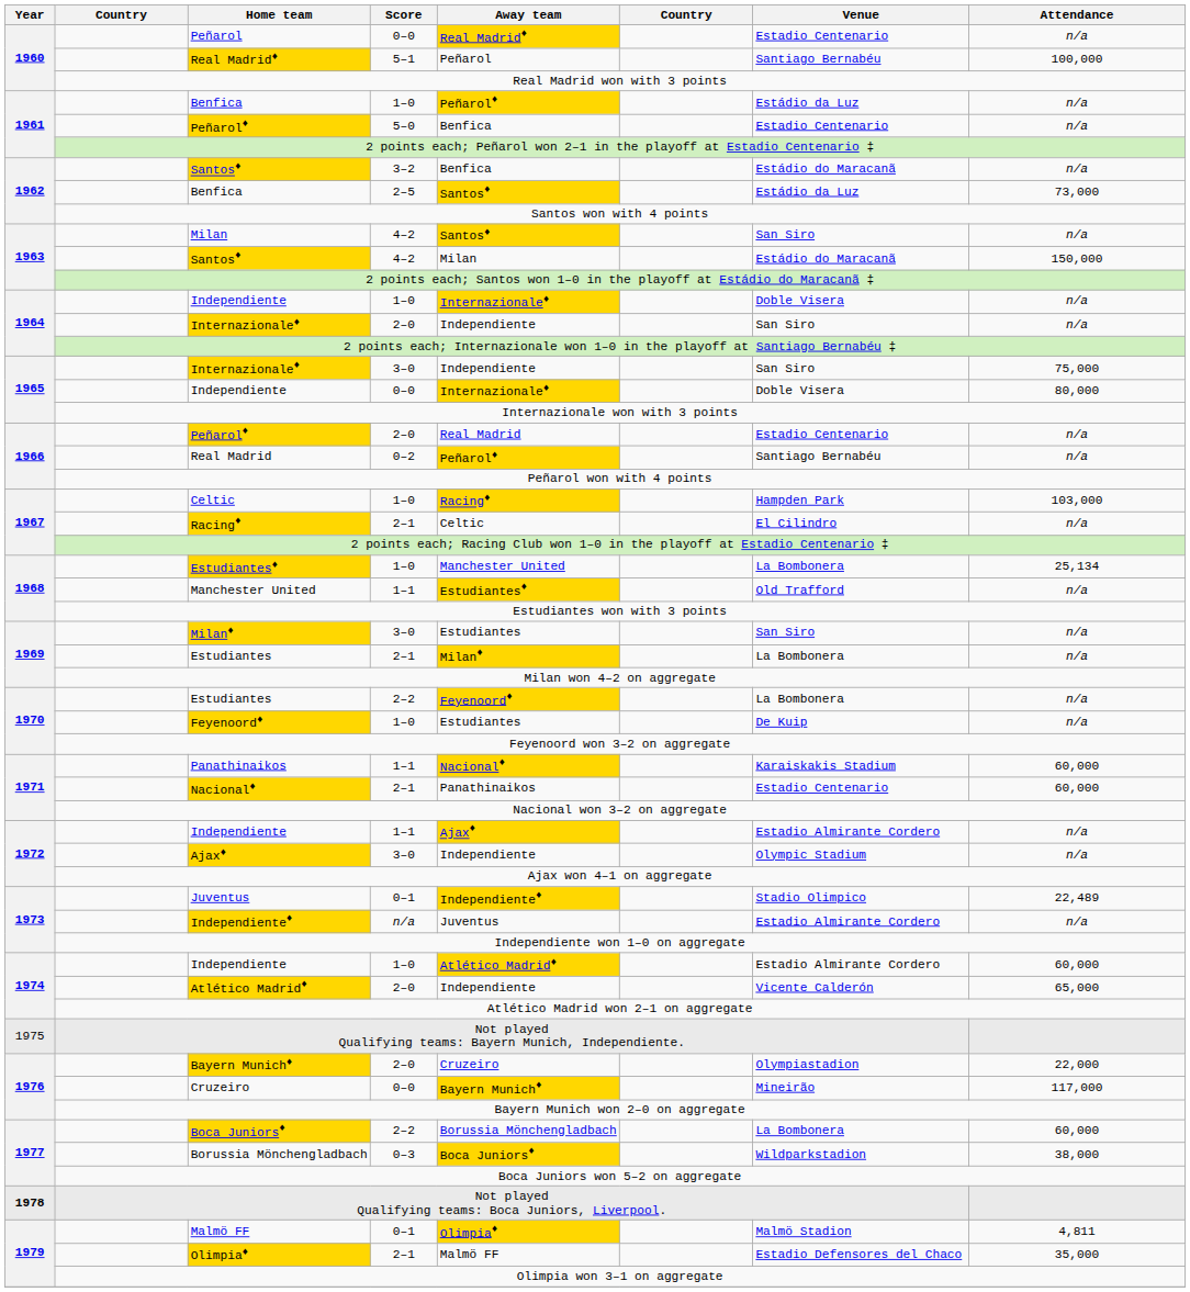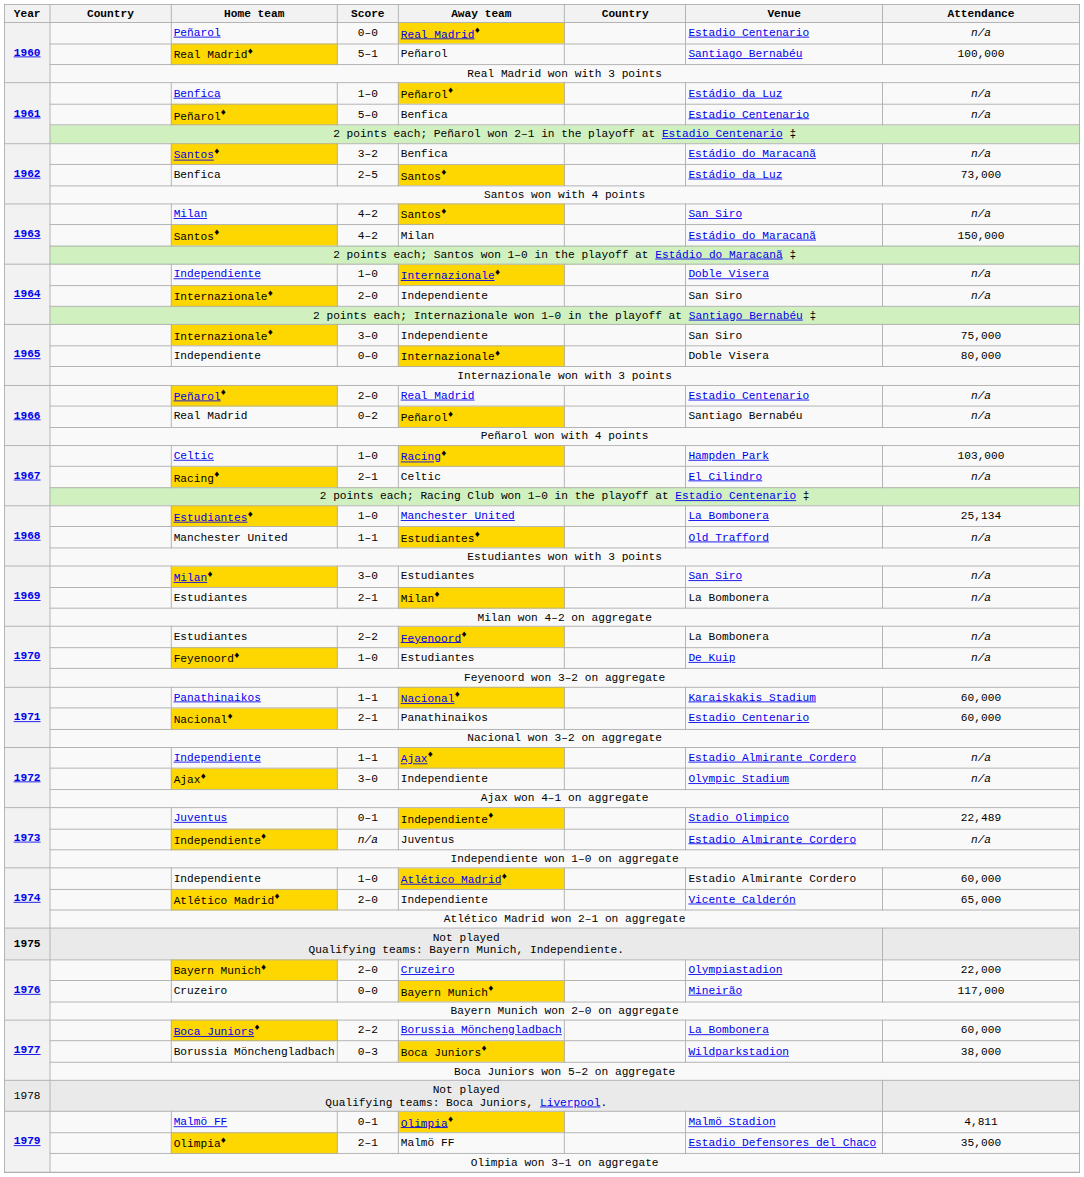 <table class="wikitable plainrowheaders">
 <tr>
 <th scope=col width=3%>Year</th>
 <th scope=col width=8%>Country</th>
 <th scope=col width=11%>Home team</th>
 <th scope=col width=4%>Score</th>
 <th scope=col width=11%>Away team</th>
 <th scope=col width=8%>Country</th>
 <th scope=col width=13%>Venue</th>
 <th scope=col width=13%>Attendance</th>
 </tr>
 <tr>
 <th scope=rowgroup rowspan=3 align=center><a href='#'>1960</a></th>
 <td></td>
 <td><a href='#'>Peñarol</a></td>
 <td align=center>0–0</td>
 <td bgcolor=FFD700><a href='#'>Real Madrid</a><sup>♦</sup></td>
 <td></td>
 <td><a href='#'>Estadio Centenario</a></td>
 <td align=center><em>n/a</em></td>
 </tr>
 <tr>
 <td></td>
 <td bgcolor=FFD700>Real Madrid<sup>♦</sup></td>
 <td align=center>5–1</td>
 <td>Peñarol</td>
 <td></td>
 <td><a href='#'>Santiago Bernabéu</a></td>
 <td align=center>100,000</td>
 </tr>
 <tr>
 <td colspan=7 align=center>Real Madrid won with 3 points</td>
 </tr>
 <tr>
 <th scope=rowgroup rowspan=3 align=center><a href='#'>1961</a></th>
 <td></td>
 <td><a href='#'>Benfica</a></td>
 <td align=center>1–0</td>
 <td bgcolor=FFD700>Peñarol<sup>♦</sup></td>
 <td></td>
 <td><a href='#'>Estádio da Luz</a></td>
 <td align=center><em>n/a</em></td>
 </tr>
 <tr>
 <td></td>
 <td bgcolor=FFD700>Peñarol<sup>♦</sup></td>
 <td align=center>5–0</td>
 <td>Benfica</td>
 <td></td>
 <td><a href='#'>Estadio Centenario</a></td>
 <td align=center><em>n/a</em></td>
 </tr>
 <tr>
 <td colspan=7 bgcolor=D0F0C0 align=center>2 points each; Peñarol won 2–1 in the playoff at <a href='#'>Estadio Centenario</a> ‡</td>
 </tr>
 <tr>
 <th scope=rowgroup rowspan=3 align=center><a href='#'>1962</a></th>
 <td></td>
 <td bgcolor=FFD700><a href='#'>Santos</a><sup>♦</sup></td>
 <td align=center>3–2</td>
 <td>Benfica</td>
 <td></td>
 <td><a href='#'>Estádio do Maracanã</a></td>
 <td align=center><em>n/a</em></td>
 </tr>
 <tr>
 <td></td>
 <td>Benfica</td>
 <td align=center>2–5</td>
 <td bgcolor=FFD700>Santos<sup>♦</sup></td>
 <td></td>
 <td><a href='#'>Estádio da Luz</a></td>
 <td align=center>73,000</td>
 </tr>
 <tr>
 <td colspan=7 align=center>Santos won with 4 points</td>
 </tr>
 <tr>
 <th scope=rowgroup rowspan=3 align=center><a href='#'>1963</a></th>
 <td></td>
 <td><a href='#'>Milan</a></td>
 <td align=center>4–2</td>
 <td bgcolor=FFD700>Santos<sup>♦</sup></td>
 <td></td>
 <td><a href='#'>San Siro</a></td>
 <td align=center><em>n/a</em></td>
 </tr>
 <tr>
 <td></td>
 <td bgcolor=FFD700>Santos<sup>♦</sup></td>
 <td align=center>4–2</td>
 <td>Milan</td>
 <td></td>
 <td><a href='#'>Estádio do Maracanã</a></td>
 <td align=center>150,000</td>
 </tr>
 <tr>
 <td colspan=7 bgcolor=D0F0C0 align=center>2 points each; Santos won 1–0 in the playoff at <a href='#'>Estádio do Maracanã</a> ‡</td>
 </tr>
 <tr>
 <th scope=rowgroup rowspan=3 align=center><a href='#'>1964</a></th>
 <td></td>
 <td><a href='#'>Independiente</a></td>
 <td align=center>1–0</td>
 <td bgcolor=FFD700><a href='#'>Internazionale</a><sup>♦</sup></td>
 <td></td>
 <td><a href='#'>Doble Visera</a></td>
 <td align=center><em>n/a</em></td>
 </tr>
 <tr>
 <td></td>
 <td bgcolor=FFD700>Internazionale<sup>♦</sup></td>
 <td align=center>2–0</td>
 <td>Independiente</td>
 <td></td>
 <td>San Siro</td>
 <td align=center><em>n/a</em></td>
 </tr>
 <tr>
 <td colspan=7 bgcolor=D0F0C0 align=center>2 points each; Internazionale won 1–0 in the playoff at <a href='#'>Santiago Bernabéu</a> ‡</td>
 </tr>
 <tr>
 <th scope=rowgroup rowspan=3 align=center><a href='#'>1965</a></th>
 <td></td>
 <td bgcolor=FFD700>Internazionale<sup>♦</sup></td>
 <td align=center>3–0</td>
 <td>Independiente</td>
 <td></td>
 <td>San Siro</td>
 <td align=center>75,000</td>
 </tr>
 <tr>
 <td></td>
 <td>Independiente</td>
 <td align=center>0–0</td>
 <td bgcolor=FFD700>Internazionale<sup>♦</sup></td>
 <td></td>
 <td>Doble Visera</td>
 <td align=center>80,000</td>
 </tr>
 <tr>
 <td colspan=7 align=center>Internazionale won with 3 points</td>
 </tr>
 <tr>
 <th scope=rowgroup rowspan=3 align=center><a href='#'>1966</a></th>
 <td></td>
 <td bgcolor=FFD700><a href='#'>Peñarol</a><sup>♦</sup></td>
 <td align=center>2–0</td>
 <td><a href='#'>Real Madrid</a></td>
 <td></td>
 <td><a href='#'>Estadio Centenario</a></td>
 <td align=center><em>n/a</em></td>
 </tr>
 <tr>
 <td></td>
 <td>Real Madrid</td>
 <td align=center>0–2</td>
 <td bgcolor=FFD700>Peñarol<sup>♦</sup></td>
 <td></td>
 <td>Santiago Bernabéu</td>
 <td align=center><em>n/a</em></td>
 </tr>
 <tr>
 <td colspan=7 align=center>Peñarol won with 4 points</td>
 </tr>
 <tr>
 <th scope=rowgroup rowspan=3 align=center><a href='#'>1967</a></th>
 <td></td>
 <td><a href='#'>Celtic</a></td>
 <td align=center>1–0</td>
 <td bgcolor=FFD700><a href='#'>Racing</a><sup>♦</sup></td>
 <td></td>
 <td><a href='#'>Hampden Park</a></td>
 <td align=center>103,000</td>
 </tr>
 <tr>
 <td></td>
 <td bgcolor=FFD700>Racing<sup>♦</sup></td>
 <td align=center>2–1</td>
 <td>Celtic</td>
 <td></td>
 <td><a href='#'>El Cilindro</a></td>
 <td align=center><em>n/a</em></td>
 </tr>
 <tr>
 <td colspan=7 bgcolor=D0F0C0 align=center>2 points each; Racing Club won 1–0 in the playoff at <a href='#'>Estadio Centenario</a> ‡</td>
 </tr>
 <tr>
 <th scope=rowgroup rowspan=3 align=center><a href='#'>1968</a></th>
 <td></td>
 <td bgcolor=FFD700><a href='#'>Estudiantes</a><sup>♦</sup></td>
 <td align=center>1–0</td>
 <td><a href='#'>Manchester United</a></td>
 <td></td>
 <td><a href='#'>La Bombonera</a></td>
 <td align=center>25,134</td>
 </tr>
 <tr>
 <td></td>
 <td>Manchester United</td>
 <td align=center>1–1</td>
 <td bgcolor=FFD700>Estudiantes<sup>♦</sup></td>
 <td></td>
 <td><a href='#'>Old Trafford</a></td>
 <td align=center><em>n/a</em></td>
 </tr>
 <tr>
 <td colspan=7 align=center>Estudiantes won with 3 points</td>
 </tr>
 <tr>
 <th scope=rowgroup rowspan=3 align=center><a href='#'>1969</a></th>
 <td></td>
 <td bgcolor=FFD700><a href='#'>Milan</a><sup>♦</sup></td>
 <td align=center>3–0</td>
 <td>Estudiantes</td>
 <td></td>
 <td><a href='#'>San Siro</a></td>
 <td align=center><em>n/a</em></td>
 </tr>
 <tr>
 <td></td>
 <td>Estudiantes</td>
 <td align=center>2–1</td>
 <td bgcolor=FFD700>Milan<sup>♦</sup></td>
 <td></td>
 <td>La Bombonera</td>
 <td align=center><em>n/a</em></td>
 </tr>
 <tr>
 <td colspan=7 align=center>Milan won 4–2 on aggregate</td>
 </tr>
 <tr>
 <th scope=rowgroup rowspan=3 align=center><a href='#'>1970</a></th>
 <td></td>
 <td>Estudiantes</td>
 <td align=center>2–2</td>
 <td bgcolor=FFD700><a href='#'>Feyenoord</a><sup>♦</sup></td>
 <td></td>
 <td>La Bombonera</td>
 <td align=center><em>n/a</em></td>
 </tr>
 <tr>
 <td></td>
 <td bgcolor=FFD700>Feyenoord<sup>♦</sup></td>
 <td align=center>1–0</td>
 <td>Estudiantes</td>
 <td></td>
 <td><a href='#'>De Kuip</a></td>
 <td align=center><em>n/a</em></td>
 </tr>
 <tr>
 <td colspan=7 align=center>Feyenoord won 3–2 on aggregate</td>
 </tr>
 <tr>
 <th scope=rowgroup rowspan=3 align=center><a href='#'>1971</a></th>
 <td></td>
 <td><a href='#'>Panathinaikos</a></td>
 <td align=center>1–1</td>
 <td bgcolor=FFD700><a href='#'>Nacional</a><sup>♦</sup></td>
 <td></td>
 <td><a href='#'>Karaiskakis Stadium</a></td>
 <td align=center>60,000</td>
 </tr>
 <tr>
 <td></td>
 <td bgcolor=FFD700>Nacional<sup>♦</sup></td>
 <td align=center>2–1</td>
 <td>Panathinaikos</td>
 <td></td>
 <td><a href='#'>Estadio Centenario</a></td>
 <td align=center>60,000</td>
 </tr>
 <tr>
 <td colspan=7 align=center>Nacional won 3–2 on aggregate</td>
 </tr>
 <tr>
 <th scope=rowgroup rowspan=3 align=center><a href='#'>1972</a></th>
 <td></td>
 <td><a href='#'>Independiente</a></td>
 <td align=center>1–1</td>
 <td bgcolor=FFD700><a href='#'>Ajax</a><sup>♦</sup></td>
 <td></td>
 <td><a href='#'>Estadio Almirante Cordero</a></td>
 <td align=center><em>n/a</em></td>
 </tr>
 <tr>
 <td></td>
 <td bgcolor=FFD700>Ajax<sup>♦</sup></td>
 <td align=center>3–0</td>
 <td>Independiente</td>
 <td></td>
 <td><a href='#'>Olympic Stadium</a></td>
 <td align=center><em>n/a</em></td>
 </tr>
 <tr>
 <td colspan=7 align=center>Ajax won 4–1 on aggregate</td>
 </tr>
 <tr>
 <th scope=rowgroup rowspan=3 align=center><a href='#'>1973</a></th>
 <td></td>
 <td><a href='#'>Juventus</a></td>
 <td align=center>0–1</td>
 <td bgcolor=FFD700>Independiente<sup>♦</sup></td>
 <td></td>
 <td><a href='#'>Stadio Olimpico</a></td>
 <td align=center>22,489</td>
 </tr>
 <tr>
 <td></td>
 <td bgcolor=FFD700>Independiente<sup>♦</sup></td>
 <td align=center><em>n/a</em></td>
 <td>Juventus</td>
 <td></td>
 <td><a href='#'>Estadio Almirante Cordero</a></td>
 <td align=center><em>n/a</em></td>
 </tr>
 <tr>
 <td colspan=7 align=center>Independiente won 1–0 on aggregate</td>
 </tr>
 <tr>
 <th scope=rowgroup rowspan=3 align=center><a href='#'>1974</a></th>
 <td></td>
 <td>Independiente</td>
 <td align=center>1–0</td>
 <td bgcolor=FFD700><a href='#'>Atlético Madrid</a><sup>♦</sup></td>
 <td></td>
 <td>Estadio Almirante Cordero</td>
 <td align=center>60,000</td>
 </tr>
 <tr>
 <td></td>
 <td bgcolor=FFD700>Atlético Madrid<sup>♦</sup></td>
 <td align=center>2–0</td>
 <td>Independiente</td>
 <td></td>
 <td><a href='#'>Vicente Calderón</a></td>
 <td align=center>65,000</td>
 </tr>
 <tr>
 <td colspan=7 align=center>Atlético Madrid won 2–1 on aggregate</td>
 </tr>
 <tr>
-<td align=center bgcolor=EAEAEA>1975</td>
+<td align=center bgcolor=EAEAEA><strong>1975</strong></td>
 <td colspan=6 align=center bgcolor=EAEAEA>Not played<br>Qualifying teams:  Bayern Munich,  Independiente.</td>
 <td align=center bgcolor=EAEAEA></td>
 </tr>
 <tr>
 <th scope=rowgroup rowspan=3 align=center><a href='#'>1976</a></th>
 <td></td>
 <td bgcolor=FFD700>Bayern Munich<sup>♦</sup></td>
 <td align=center>2–0</td>
 <td><a href='#'>Cruzeiro</a></td>
 <td></td>
 <td><a href='#'>Olympiastadion</a></td>
 <td align=center>22,000</td>
 </tr>
 <tr>
 <td></td>
 <td>Cruzeiro</td>
 <td align=center>0–0</td>
 <td bgcolor=FFD700>Bayern Munich<sup>♦</sup></td>
 <td></td>
 <td><a href='#'>Mineirão</a></td>
 <td align=center>117,000</td>
 </tr>
 <tr>
 <td colspan=7 align=center>Bayern Munich won 2–0 on aggregate</td>
 </tr>
 <tr>
 <th scope=rowgroup rowspan=3 align=center><a href='#'>1977</a></th>
 <td></td>
 <td bgcolor=FFD700><a href='#'>Boca Juniors</a><sup>♦</sup></td>
 <td align=center>2–2</td>
 <td><a href='#'>Borussia Mönchengladbach</a></td>
 <td></td>
 <td><a href='#'>La Bombonera</a></td>
 <td align=center>60,000</td>
 </tr>
 <tr>
 <td></td>
 <td>Borussia Mönchengladbach</td>
 <td align=center>0–3</td>
 <td bgcolor=FFD700>Boca Juniors<sup>♦</sup></td>
 <td></td>
 <td><a href='#'>Wildparkstadion</a></td>
 <td align=center>38,000</td>
 </tr>
 <tr>
 <td colspan=7 align=center>Boca Juniors won 5–2 on aggregate</td>
 </tr>
 <tr>
-<td align=center bgcolor=EAEAEA><strong>1978</strong></td>
+<td align=center bgcolor=EAEAEA>1978</td>
 <td colspan=6 align=center bgcolor=EAEAEA>Not played<br>Qualifying teams:  Boca Juniors,  <a href='#'>Liverpool</a>.</td>
 <td align=center bgcolor=EAEAEA></td>
 </tr>
 <tr>
 <th scope=rowgroup rowspan=3 align=center><a href='#'>1979</a></th>
 <td></td>
 <td><a href='#'>Malmö FF</a></td>
 <td align=center>0–1</td>
 <td bgcolor=FFD700><a href='#'>Olimpia</a><sup>♦</sup></td>
 <td></td>
 <td><a href='#'>Malmö Stadion</a></td>
 <td align=center>4,811</td>
 </tr>
 <tr>
 <td></td>
 <td bgcolor=FFD700>Olimpia<sup>♦</sup></td>
 <td align=center>2–1</td>
 <td>Malmö FF</td>
 <td></td>
 <td><a href='#'>Estadio Defensores del Chaco</a></td>
 <td align=center>35,000</td>
 </tr>
 <tr>
 <td colspan=7 align=center>Olimpia won 3–1 on aggregate</td>
 </tr>
 <tr>
 </tr>
 </table>
